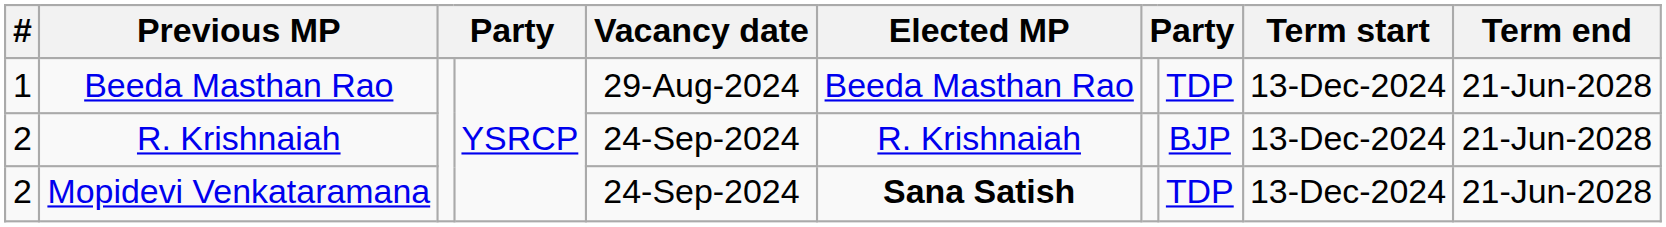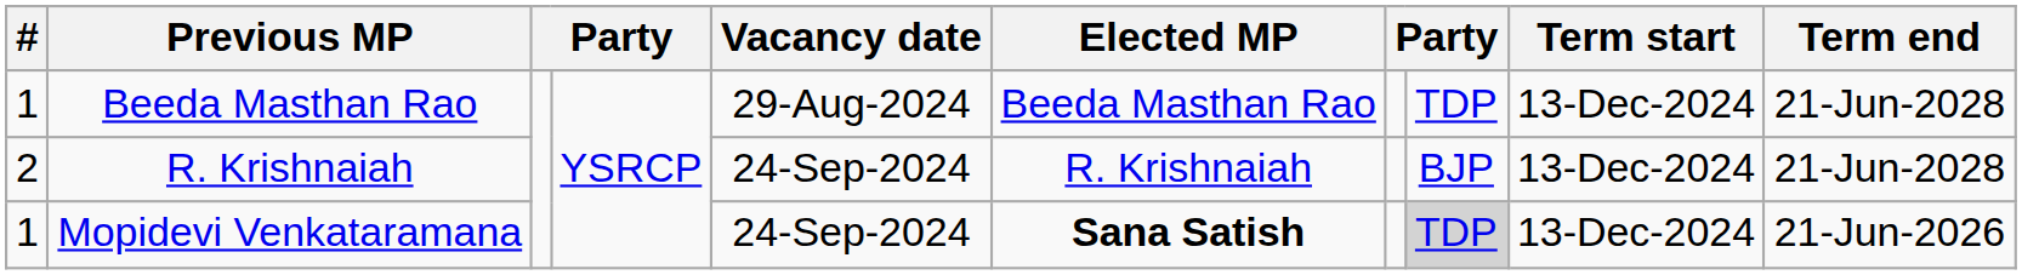 <table class="wikitable" style="text-align:center;">
 <tr>
 <th>#</th>
 <th>Previous MP</th>
 <th colspan="2">Party</th>
 <th>Vacancy date</th>
 <th>Elected MP</th>
 <th colspan="2">Party</th>
 <th>Term start</th>
 <th>Term   end</th>
 </tr>
 <tr>
 <td>1</td>
 <td><a href='#'>Beeda Masthan Rao</a></td>
 <td rowspan=3 style="background-color:"></td>
 <td rowspan="3"><a href='#'>YSRCP</a></td>
 <td>29-Aug-2024</td>
 <td><a href='#'>Beeda Masthan Rao</a></td>
 <td rowspan style="background-color:"></td>
 <td><a href='#'>TDP</a></td>
 <td>13-Dec-2024</td>
 <td>21-Jun-2028</td>
 </tr>
 <tr>
 <td>2</td>
 <td><a href='#'>R. Krishnaiah</a></td>
 <td>24-Sep-2024</td>
 <td><a href='#'>R. Krishnaiah</a></td>
 <td rowspan style="background-color:"></td>
 <td><a href='#'>BJP</a></td>
 <td>13-Dec-2024</td>
 <td>21-Jun-2028</td>
 </tr>
 <tr>
-<td>2</td>
+<td>1</td>
 <td><a href='#'>Mopidevi Venkataramana</a></td>
 <td>24-Sep-2024</td>
 <td><strong>Sana Satish</strong></td>
 <td rowspan style="background-color:"></td>
-<td><a href='#'>TDP</a></td>
+<td style="background: lightgrey;"><a href='#'>TDP</a></td>
 <td>13-Dec-2024</td>
-<td>21-Jun-2028</td>
+<td>21-Jun-2026</td>
 </tr>
 </table>
